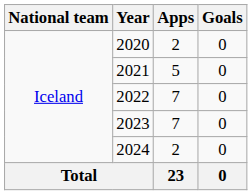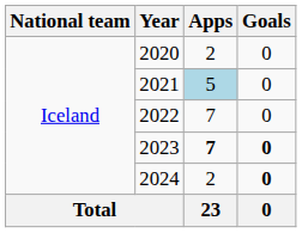 <table class="wikitable" style="text-align:center">
 <tr>
 <th>National team</th>
 <th>Year</th>
 <th>Apps</th>
 <th>Goals</th>
 </tr>
 <tr>
 <td rowspan="5"><a href='#'>Iceland</a></td>
 <td>2020</td>
 <td>2</td>
 <td>0</td>
 </tr>
 <tr>
 <td>2021</td>
-<td>5</td>
+<td style="background: lightblue;">5</td>
 <td>0</td>
 </tr>
 <tr>
 <td>2022</td>
 <td>7</td>
 <td>0</td>
 </tr>
 <tr>
 <td>2023</td>
-<td>7</td>
-<td>0</td>
+<td><strong>7</strong></td>
+<td><strong>0</strong></td>
 </tr>
 <tr>
 <td>2024</td>
 <td>2</td>
-<td>0</td>
+<td><strong>0</strong></td>
 </tr>
 <tr>
 <th colspan="2">Total</th>
 <th>23</th>
 <th>0</th>
 </tr>
 </table>
